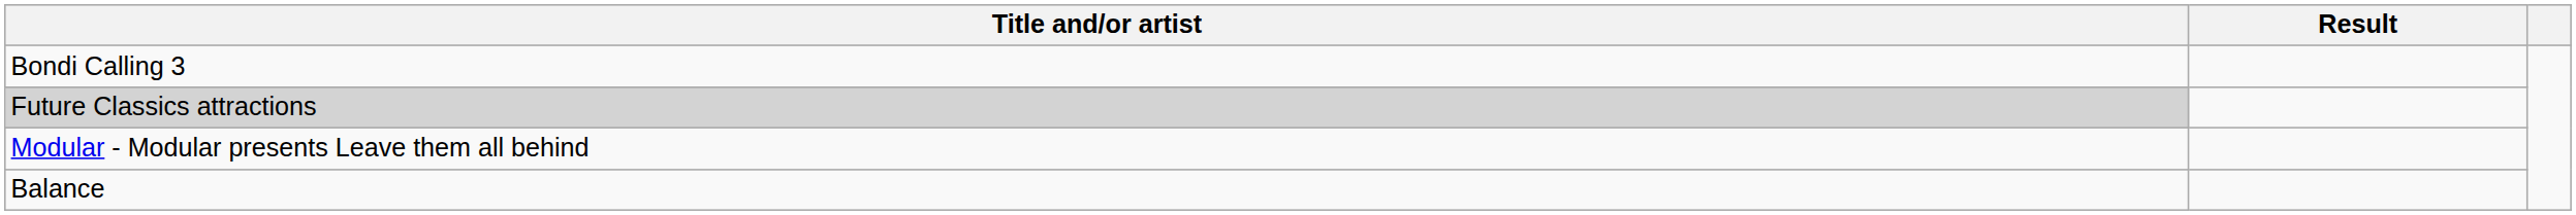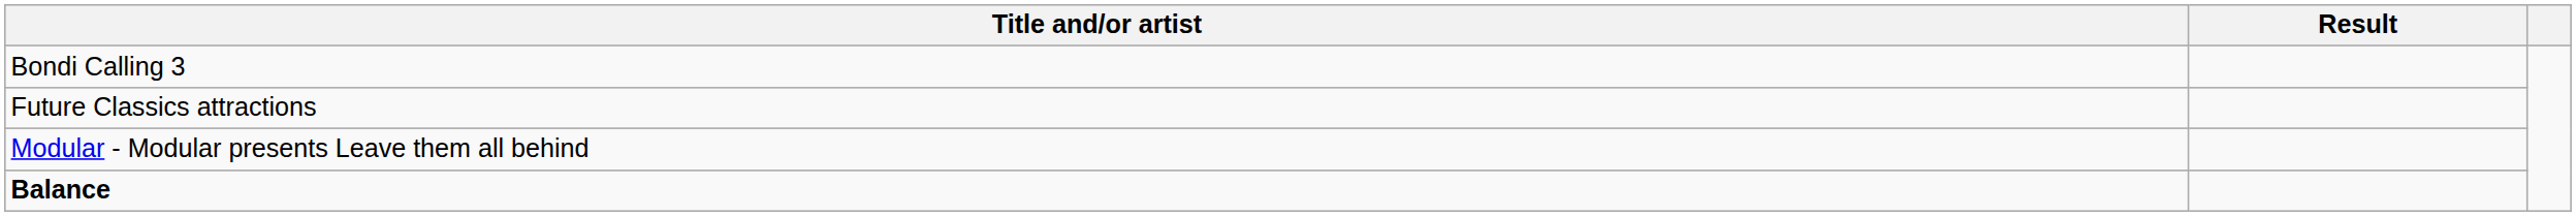 <table class="wikitable" width="100%">
 <tr>
 <th scope="col">Title and/or artist</th>
 <th scope="col">Result</th>
 <th scope="col"></th>
 </tr>
 <tr>
 <td>Bondi Calling 3</td>
 <td></td>
 <td rowspan="4"></td>
 </tr>
 <tr>
-<td style="background: lightgrey;">Future Classics attractions</td>
+<td>Future Classics attractions</td>
 <td></td>
 </tr>
 <tr>
 <td><a href='#'>Modular</a> - Modular presents Leave them all behind</td>
 <td></td>
 </tr>
 <tr>
-<td>Balance</td>
+<td><strong>Balance</strong></td>
 <td></td>
 </tr>
 </table>
